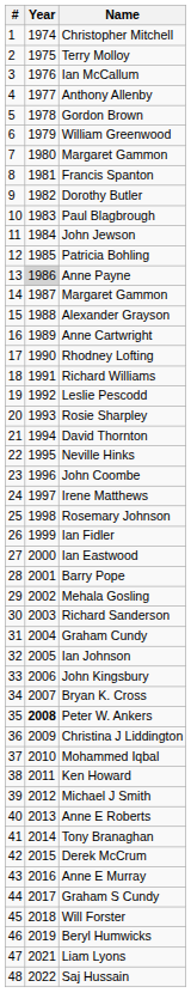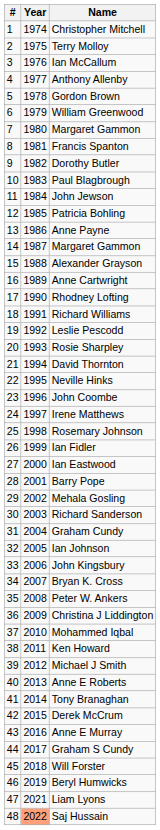 <table class="wikitable">
 <tr>
 <th>#</th>
 <th>Year</th>
 <th>Name</th>
 </tr>
 <tr>
 <td>1</td>
 <td>1974</td>
 <td>Christopher Mitchell</td>
 </tr>
 <tr>
 <td>2</td>
 <td>1975</td>
 <td>Terry Molloy</td>
 </tr>
 <tr>
 <td>3</td>
 <td>1976</td>
 <td>Ian McCallum</td>
 </tr>
 <tr>
 <td>4</td>
 <td>1977</td>
 <td>Anthony Allenby</td>
 </tr>
 <tr>
 <td>5</td>
 <td>1978</td>
 <td>Gordon Brown</td>
 </tr>
 <tr>
 <td>6</td>
 <td>1979</td>
 <td>William Greenwood</td>
 </tr>
 <tr>
 <td>7</td>
 <td>1980</td>
 <td>Margaret Gammon</td>
 </tr>
 <tr>
 <td>8</td>
 <td>1981</td>
 <td>Francis Spanton</td>
 </tr>
 <tr>
 <td>9</td>
 <td>1982</td>
 <td>Dorothy Butler</td>
 </tr>
 <tr>
 <td>10</td>
 <td>1983</td>
 <td>Paul Blagbrough</td>
 </tr>
 <tr>
 <td>11</td>
 <td>1984</td>
 <td>John Jewson</td>
 </tr>
 <tr>
 <td>12</td>
 <td>1985</td>
 <td>Patricia Bohling</td>
 </tr>
 <tr>
 <td>13</td>
-<td style="background: lightgrey;">1986</td>
+<td>1986</td>
 <td>Anne Payne</td>
 </tr>
 <tr>
 <td>14</td>
 <td>1987</td>
 <td>Margaret Gammon</td>
 </tr>
 <tr>
 <td>15</td>
 <td>1988</td>
 <td>Alexander Grayson</td>
 </tr>
 <tr>
 <td>16</td>
 <td>1989</td>
 <td>Anne Cartwright</td>
 </tr>
 <tr>
 <td>17</td>
 <td>1990</td>
 <td>Rhodney Lofting</td>
 </tr>
 <tr>
 <td>18</td>
 <td>1991</td>
 <td>Richard Williams</td>
 </tr>
 <tr>
 <td>19</td>
 <td>1992</td>
 <td>Leslie Pescodd</td>
 </tr>
 <tr>
 <td>20</td>
 <td>1993</td>
 <td>Rosie Sharpley</td>
 </tr>
 <tr>
 <td>21</td>
 <td>1994</td>
 <td>David Thornton</td>
 </tr>
 <tr>
 <td>22</td>
 <td>1995</td>
 <td>Neville Hinks</td>
 </tr>
 <tr>
 <td>23</td>
 <td>1996</td>
 <td>John Coombe</td>
 </tr>
 <tr>
 <td>24</td>
 <td>1997</td>
 <td>Irene Matthews</td>
 </tr>
 <tr>
 <td>25</td>
 <td>1998</td>
 <td>Rosemary Johnson</td>
 </tr>
 <tr>
 <td>26</td>
 <td>1999</td>
 <td>Ian Fidler</td>
 </tr>
 <tr>
 <td>27</td>
 <td>2000</td>
 <td>Ian Eastwood</td>
 </tr>
 <tr>
 <td>28</td>
 <td>2001</td>
 <td>Barry Pope</td>
 </tr>
 <tr>
 <td>29</td>
 <td>2002</td>
 <td>Mehala Gosling</td>
 </tr>
 <tr>
 <td>30</td>
 <td>2003</td>
 <td>Richard Sanderson</td>
 </tr>
 <tr>
 <td>31</td>
 <td>2004</td>
 <td>Graham Cundy</td>
 </tr>
 <tr>
 <td>32</td>
 <td>2005</td>
 <td>Ian Johnson</td>
 </tr>
 <tr>
 <td>33</td>
 <td>2006</td>
 <td>John Kingsbury</td>
 </tr>
 <tr>
 <td>34</td>
 <td>2007</td>
 <td>Bryan K. Cross</td>
 </tr>
 <tr>
 <td>35</td>
-<td><strong>2008</strong></td>
+<td>2008</td>
 <td>Peter W. Ankers</td>
 </tr>
 <tr>
 <td>36</td>
 <td>2009</td>
 <td>Christina J Liddington</td>
 </tr>
 <tr>
 <td>37</td>
 <td>2010</td>
 <td>Mohammed Iqbal</td>
 </tr>
 <tr>
 <td>38</td>
 <td>2011</td>
 <td>Ken Howard</td>
 </tr>
 <tr>
 <td>39</td>
 <td>2012</td>
 <td>Michael J Smith</td>
 </tr>
 <tr>
 <td>40</td>
 <td>2013</td>
 <td>Anne E Roberts</td>
 </tr>
 <tr>
 <td>41</td>
 <td>2014</td>
 <td>Tony Branaghan</td>
 </tr>
 <tr>
 <td>42</td>
 <td>2015</td>
 <td>Derek McCrum</td>
 </tr>
 <tr>
 <td>43</td>
 <td>2016</td>
 <td>Anne E Murray</td>
 </tr>
 <tr>
 <td>44</td>
 <td>2017</td>
 <td>Graham S Cundy</td>
 </tr>
 <tr>
 <td>45</td>
 <td>2018</td>
 <td>Will Forster</td>
 </tr>
 <tr>
 <td>46</td>
 <td>2019</td>
 <td>Beryl Humwicks</td>
 </tr>
 <tr>
 <td>47</td>
 <td>2021</td>
 <td>Liam Lyons</td>
 </tr>
 <tr>
 <td>48</td>
-<td>2022</td>
+<td style="background: lightsalmon;">2022</td>
 <td>Saj Hussain</td>
 </tr>
 </table>
